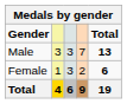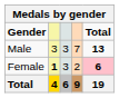 <table class="wikitable" style="text-align:center;font-size:90%">
 <tr style="background:#efefef;">
 <th colspan=7><strong>Medals by gender</strong></th>
 </tr>
 <tr>
 <td><strong>Gender</strong></td>
 <td bgcolor=#f7f6a8></td>
 <td bgcolor=#dce5e5></td>
 <td bgcolor=#ffdab9></td>
 <td><strong>Total</strong></td>
 </tr>
 <tr>
 <td style="text-align:left;">Male</td>
 <td style="background:#F7F6A8;">3</td>
 <td style="background:#DCE5E5;">3</td>
 <td style="background:#FFDAB9;">7</td>
 <td><strong>13</strong></td>
 </tr>
 <tr>
 <td style="text-align:left;">Female</td>
-<td style="background:#F7F6A8;">1</td>
+<td style="background:#F7F6A8;"><strong>1</strong></td>
 <td style="background:#DCE5E5;">3</td>
 <td style="background:#FFDAB9;">2</td>
-<td><strong>6</strong></td>
+<td style="background: pink;"><strong>6</strong></td>
 </tr>
 <tr>
 <th style="text-align:left;"><strong>Total</strong></th>
 <th style="background:gold;"><strong>4</strong></th>
 <th style="background:silver;"><strong>6</strong></th>
 <th style="background:#c96;"><strong>9</strong></th>
 <th><strong>19</strong></th>
 </tr>
 </table>
